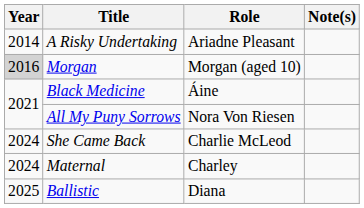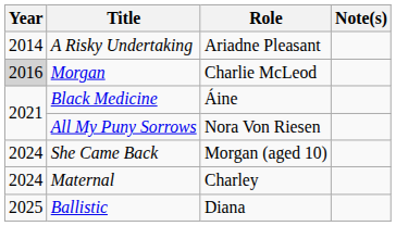 <table class="wikitable sortable">
 <tr>
 <th>Year</th>
 <th>Title</th>
 <th>Role</th>
 <th class="unsortable">Note(s)</th>
 </tr>
 <tr>
 <td>2014</td>
 <td data-sort-value="Risky Undertaking, A"><em>A Risky Undertaking</em></td>
 <td>Ariadne Pleasant</td>
 <td></td>
 </tr>
 <tr>
 <td style="background: lightgrey;">2016</td>
 <td><em><a href='#'>Morgan</a></em></td>
-<td>Morgan (aged 10)</td>
+<td>Charlie McLeod</td>
 <td></td>
 </tr>
 <tr>
 <td rowspan="2">2021</td>
 <td><em><a href='#'>Black Medicine</a></em></td>
 <td>Áine</td>
 <td></td>
 </tr>
 <tr>
 <td><em><a href='#'>All My Puny Sorrows</a></em></td>
 <td>Nora Von Riesen</td>
 <td></td>
 </tr>
 <tr>
 <td>2024</td>
 <td><em>She Came Back</em></td>
-<td>Charlie McLeod</td>
+<td>Morgan (aged 10)</td>
 <td></td>
 </tr>
 <tr>
 <td>2024</td>
 <td><em>Maternal</em></td>
 <td>Charley</td>
 <td></td>
 </tr>
 <tr>
 <td>2025</td>
 <td><a href='#'><em>Ballistic</em></a></td>
 <td>Diana</td>
 <td></td>
 </tr>
 </table>
